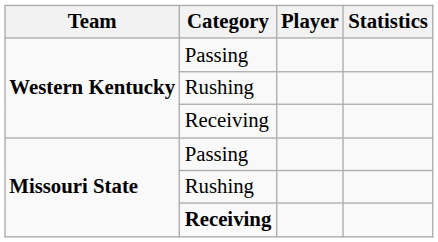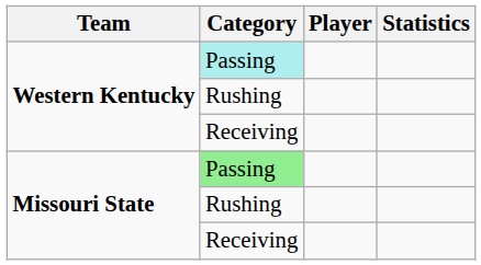 <table class="wikitable" style="float: right;">
 <tr>
 <th>Team</th>
 <th>Category</th>
 <th>Player</th>
 <th>Statistics</th>
 </tr>
 <tr>
 <td rowspan=3><strong>Western Kentucky</strong></td>
-<td>Passing</td>
+<td style="background: paleturquoise;">Passing</td>
 <td></td>
 <td></td>
 </tr>
 <tr>
 <td>Rushing</td>
 <td></td>
 <td></td>
 </tr>
 <tr>
 <td>Receiving</td>
 <td></td>
 <td></td>
 </tr>
 <tr>
 <td rowspan=3><strong>Missouri State</strong></td>
-<td>Passing</td>
+<td style="background: lightgreen;">Passing</td>
 <td></td>
 <td></td>
 </tr>
 <tr>
 <td>Rushing</td>
 <td></td>
 <td></td>
 </tr>
 <tr>
-<td><strong>Receiving</strong></td>
+<td>Receiving</td>
 <td></td>
 <td></td>
 </tr>
 </table>
